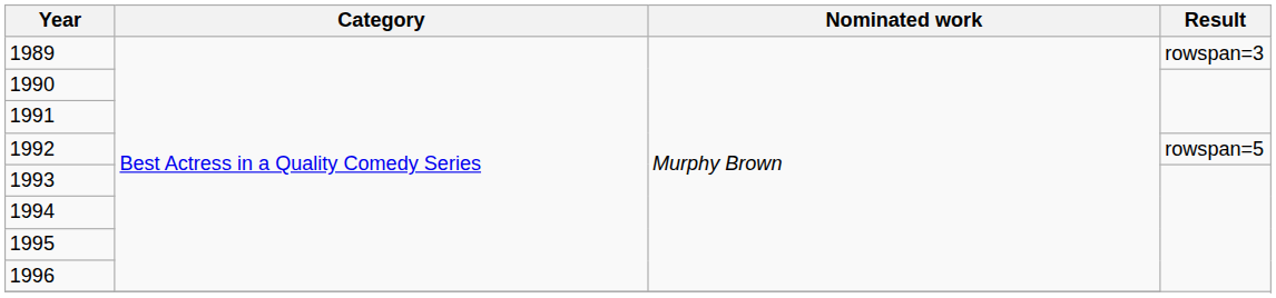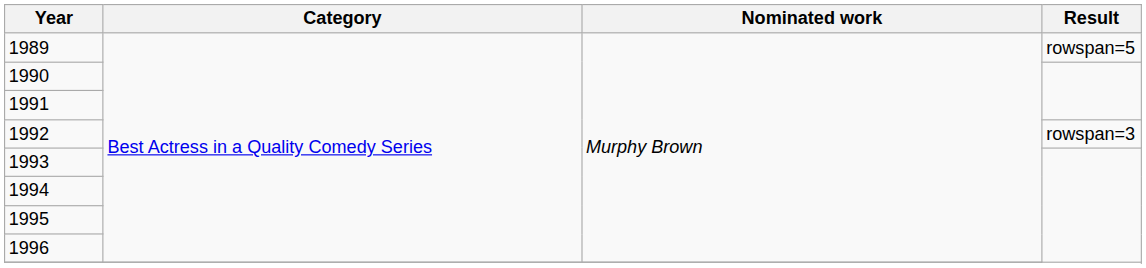 <table class=wikitable>
 <tr>
 <th scope="col" style="width:5em;">Year</th>
 <th scope="col" style="width:26em;">Category</th>
 <th scope="col" style="width:25em;">Nominated work</th>
 <th scope="col" style="width:5em;">Result</th>
 </tr>
 <tr>
 <td>1989</td>
 <td rowspan=8><a href='#'>Best Actress in a Quality Comedy Series</a></td>
 <td rowspan=8><em>Murphy Brown</em></td>
-<td>rowspan=3 </td>
+<td>rowspan=5 </td>
 </tr>
 <tr>
 <td>1990</td>
 </tr>
 <tr>
 <td>1991</td>
 </tr>
 <tr>
 <td>1992</td>
-<td>rowspan=5 </td>
+<td>rowspan=3 </td>
 </tr>
 <tr>
 <td>1993</td>
 </tr>
 <tr>
 <td>1994</td>
 </tr>
 <tr>
 <td>1995</td>
 </tr>
 <tr>
 <td>1996</td>
 </tr>
 <tr>
 </tr>
 </table>
